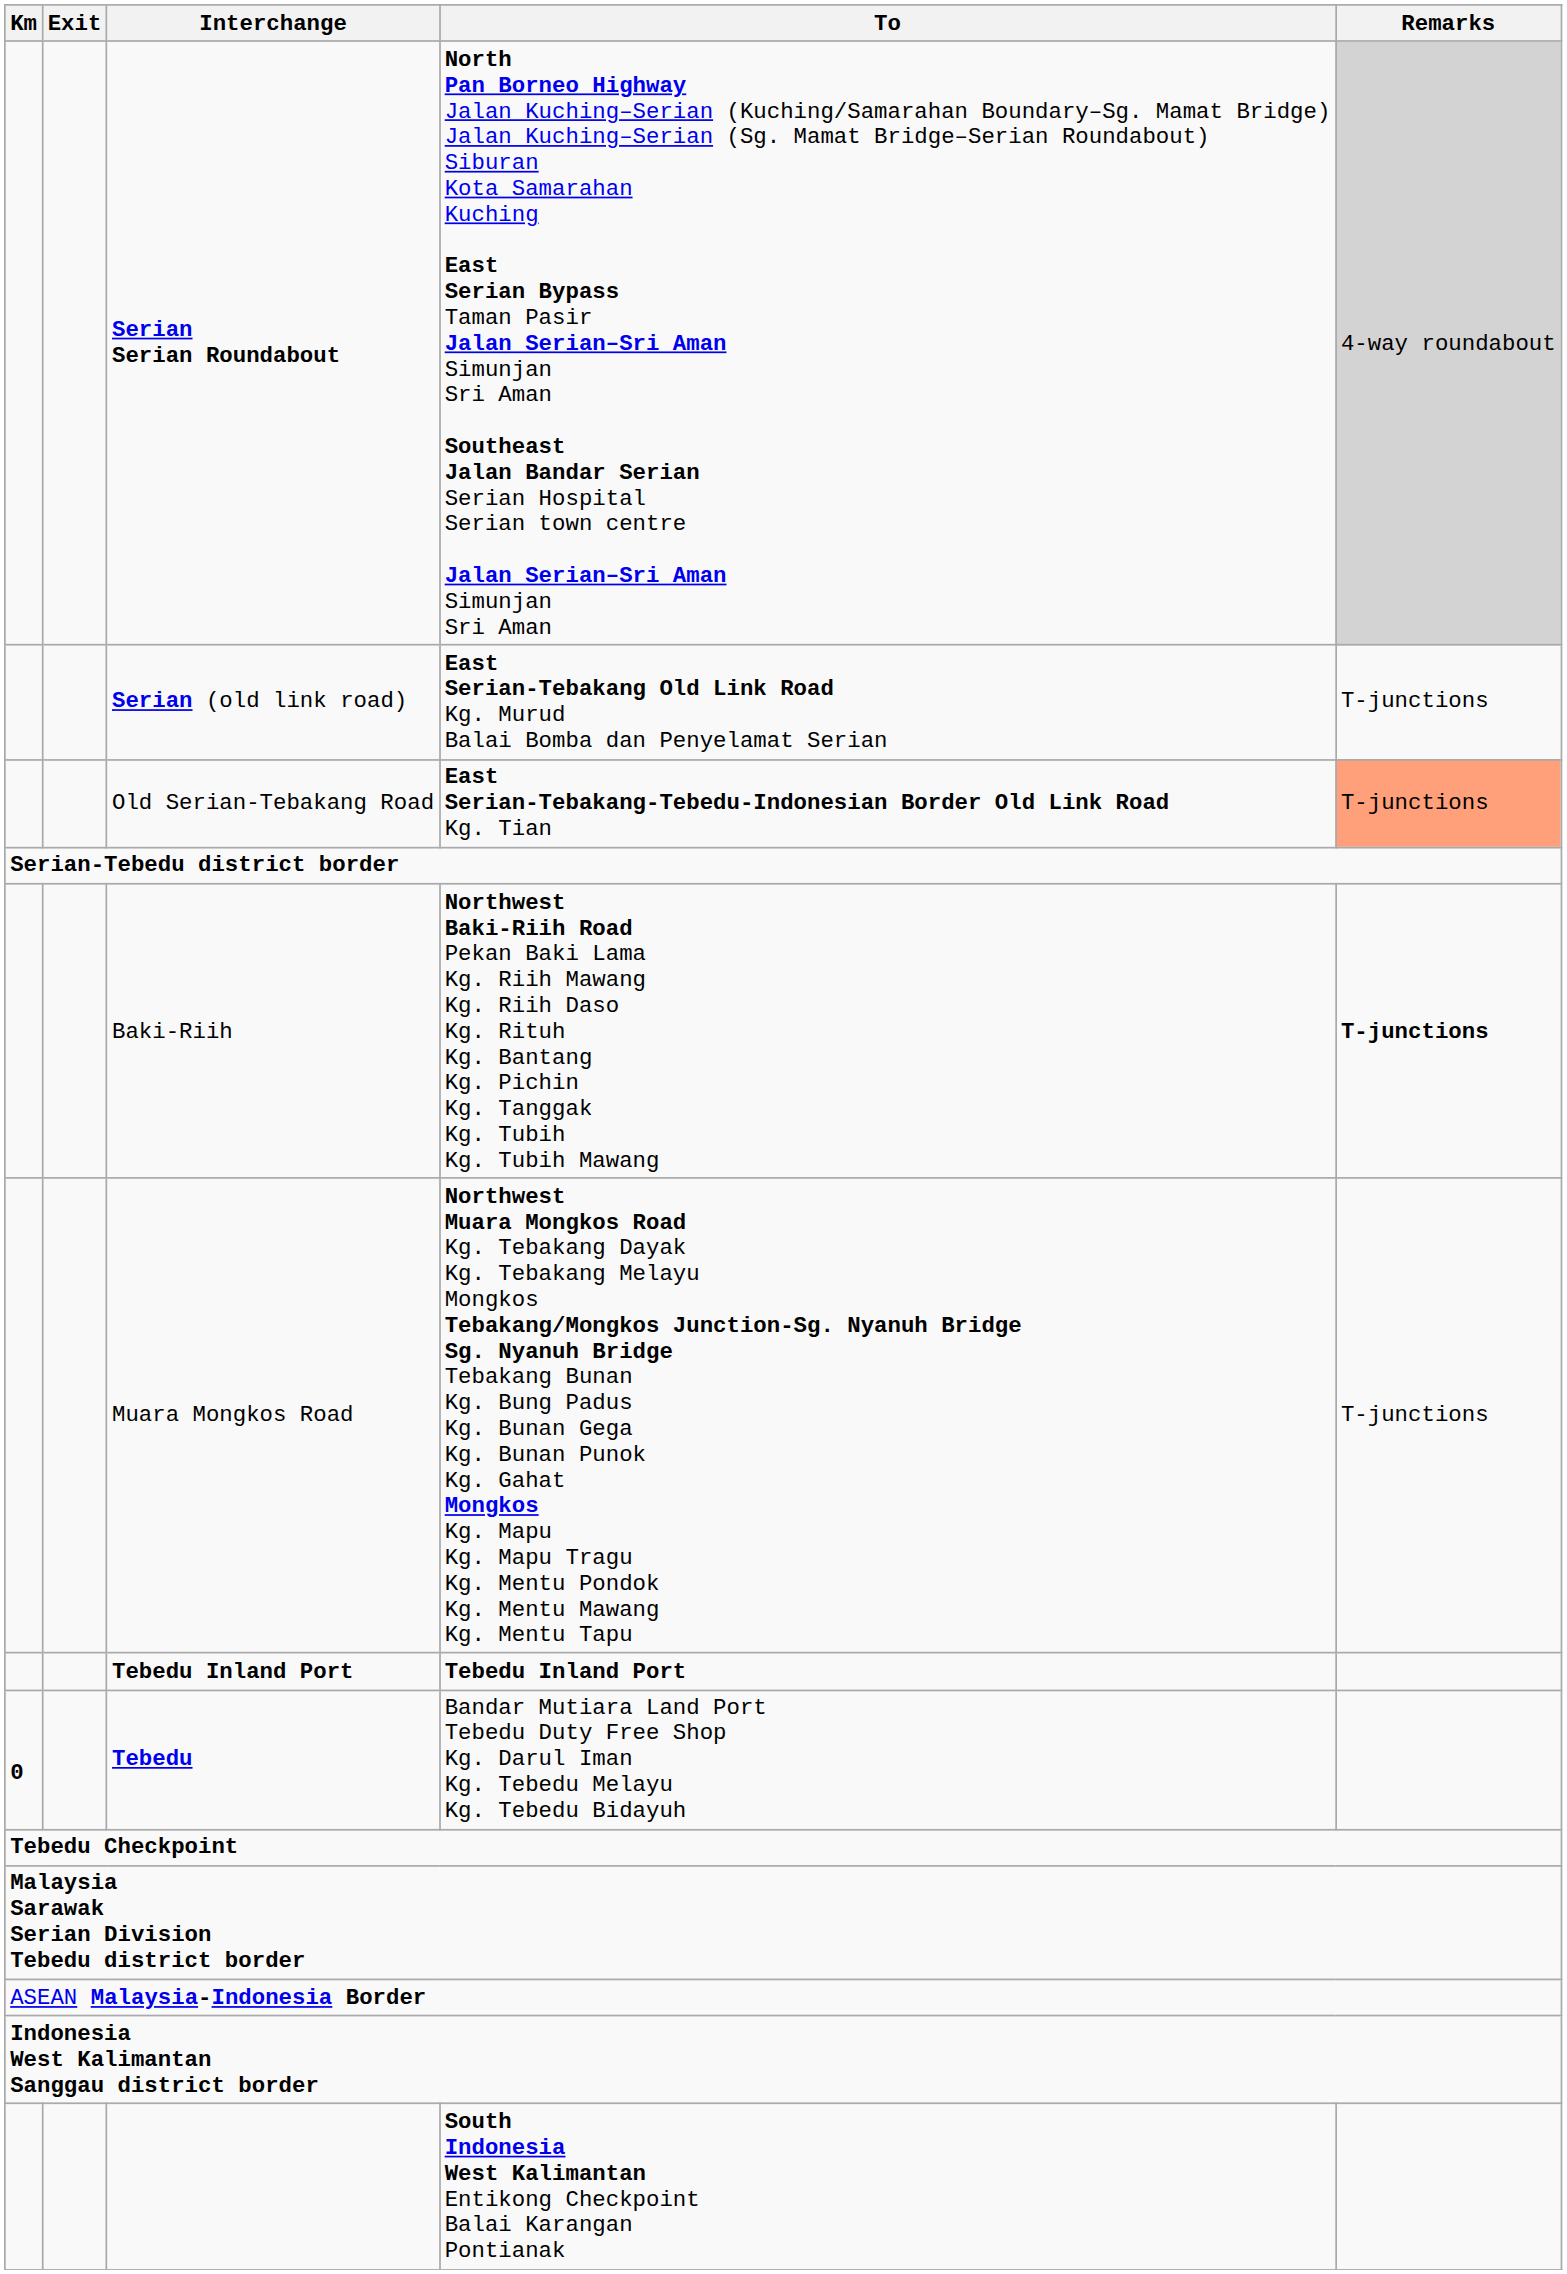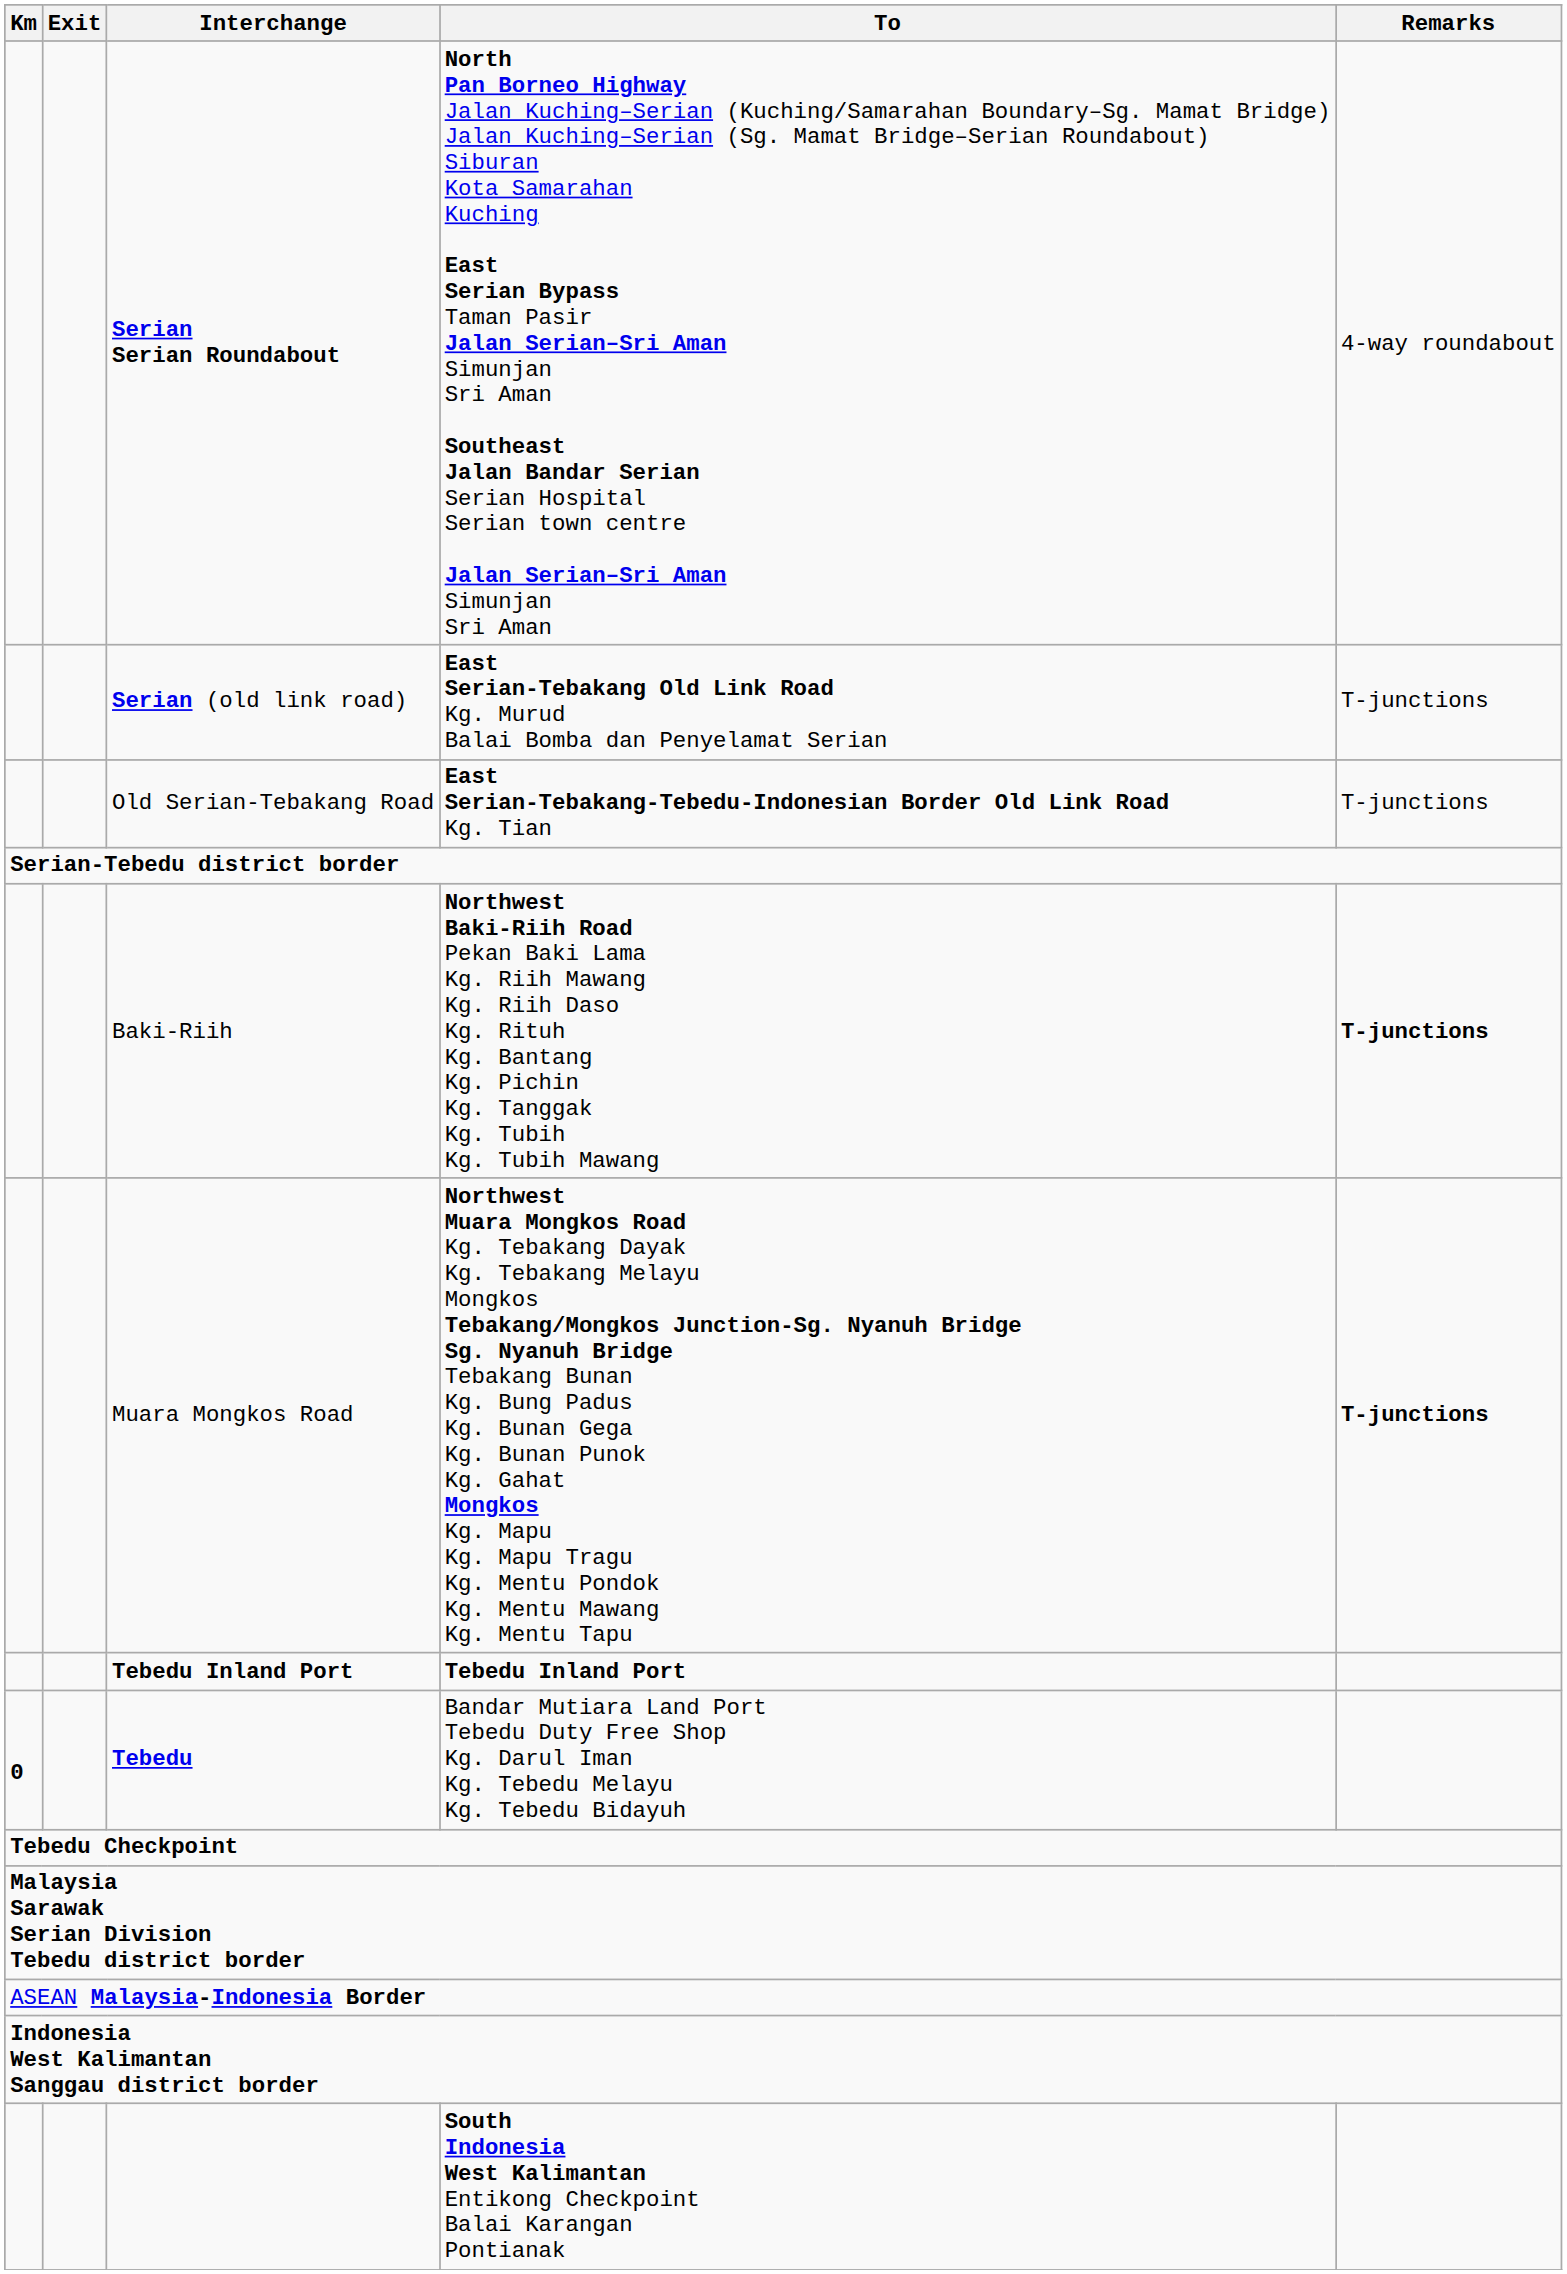 <table class="wikitable">
 <tr>
 <th>Km</th>
 <th>Exit</th>
 <th>Interchange</th>
 <th>To</th>
 <th>Remarks</th>
 </tr>
 <tr>
 <td></td>
 <td></td>
 <td><strong><a href='#'>Serian</a></strong><br><strong>Serian Roundabout</strong></td>
 <td><strong><span>North</span></strong><br>  <strong><a href='#'>Pan Borneo Highway</a></strong><br>  <a href='#'>Jalan Kuching–Serian</a> (Kuching/Samarahan Boundary–Sg. Mamat Bridge)<br>  <a href='#'>Jalan Kuching–Serian</a> (Sg. Mamat Bridge–Serian Roundabout)<br><a href='#'>Siburan</a><br><a href='#'>Kota Samarahan</a><br><a href='#'>Kuching</a><br><br><strong><span>East</span></strong><br><strong>Serian Bypass</strong><br>Taman Pasir<br><strong>  <a href='#'>Jalan Serian–Sri Aman</a></strong><br>Simunjan<br>Sri Aman<br><br><strong><span>Southeast</span></strong><br><strong>  Jalan Bandar Serian</strong><br>Serian Hospital <br>Serian town centre<br><br><strong>  <a href='#'>Jalan Serian–Sri Aman</a></strong><br>Simunjan<br>Sri Aman</td>
-<td style="background: lightgrey;">4-way roundabout</td>
+<td>4-way roundabout</td>
 </tr>
 <tr>
 <td></td>
 <td></td>
 <td><strong><a href='#'>Serian</a></strong> (old link road)</td>
 <td><strong>East</strong><br> <strong>Serian-Tebakang Old Link Road</strong><br>Kg. Murud<br>Balai Bomba dan Penyelamat Serian</td>
 <td>T-junctions</td>
 </tr>
 <tr>
 <td></td>
 <td></td>
 <td>Old Serian-Tebakang Road</td>
 <td><strong>East</strong><br> <strong>Serian-Tebakang-Tebedu-Indonesian Border Old Link Road</strong><br>Kg. Tian</td>
-<td style="background: lightsalmon;">T-junctions</td>
+<td>T-junctions</td>
 </tr>
 <tr>
 <td style="width:600px" colspan="6" style="text-align:center; background:blue;"><strong><span>Serian-Tebedu district border</span></strong></td>
 </tr>
 <tr>
 <td></td>
 <td></td>
 <td>Baki-Riih</td>
 <td><strong>Northwest</strong><br> <strong>Baki-Riih Road</strong><br>Pekan Baki Lama<br>Kg. Riih Mawang<br>Kg. Riih Daso<br>Kg. Rituh<br>Kg. Bantang<br>Kg. Pichin<br>Kg. Tanggak<br>Kg. Tubih<br>Kg. Tubih Mawang</td>
 <td><strong>T-junctions</strong></td>
 </tr>
 <tr>
 <td></td>
 <td></td>
 <td>Muara Mongkos Road</td>
 <td><strong>Northwest</strong><br> <strong>Muara Mongkos Road</strong><br>Kg. Tebakang Dayak<br>Kg. Tebakang Melayu<br>Mongkos<br> <strong>Tebakang/Mongkos Junction-Sg. Nyanuh Bridge</strong><br> <strong>Sg. Nyanuh Bridge</strong><br>Tebakang Bunan<br>Kg. Bung Padus<br>Kg. Bunan Gega<br>Kg. Bunan Punok<br>Kg. Gahat<br><strong><a href='#'>Mongkos</a></strong><br>Kg. Mapu<br>Kg. Mapu Tragu<br>Kg. Mentu Pondok<br>Kg. Mentu Mawang<br>Kg. Mentu Tapu<br></td>
-<td>T-junctions</td>
+<td><strong>T-junctions</strong></td>
 </tr>
 <tr>
 <td></td>
 <td></td>
 <td><strong>Tebedu Inland Port</strong></td>
 <td><strong>Tebedu Inland Port</strong><br></td>
 <td></td>
 </tr>
 <tr>
 <td><br><strong>0</strong></td>
 <td></td>
 <td><strong><a href='#'>Tebedu</a></strong></td>
 <td>Bandar Mutiara Land Port<br>Tebedu Duty Free Shop<br>Kg. Darul Iman<br>Kg. Tebedu Melayu<br>Kg. Tebedu Bidayuh</td>
 <td></td>
 </tr>
 <tr>
 <td style="width:600px" colspan="6" style="text-align:center; background:blue;"><strong><span>Tebedu Checkpoint</span></strong><br> </td>
 </tr>
 <tr>
 <td style="width:600px" colspan="6" style="text-align:center; background:blue;"><strong><span>Malaysia<br>Sarawak<br>Serian Division<br>Tebedu district border</span></strong></td>
 </tr>
 <tr>
 <td style="width:600px" colspan="6" style="text-align:center; background:yellow;"><span><a href='#'>ASEAN</a> <strong><a href='#'>Malaysia</a>-<a href='#'>Indonesia</a> Border</strong></span></td>
 </tr>
 <tr>
 <td style="width:600px" colspan="6" style="text-align:center; background:blue;"><strong><span>Indonesia<br>West Kalimantan<br>Sanggau district border</span></strong></td>
 </tr>
 <tr>
 <td></td>
 <td></td>
 <td></td>
 <td><strong>South</strong><br> <strong><a href='#'>Indonesia</a></strong><br><strong>West Kalimantan</strong><br>Entikong Checkpoint<br>Balai Karangan<br>Pontianak</td>
 <td></td>
 </tr>
 <tr>
 </tr>
 </table>
